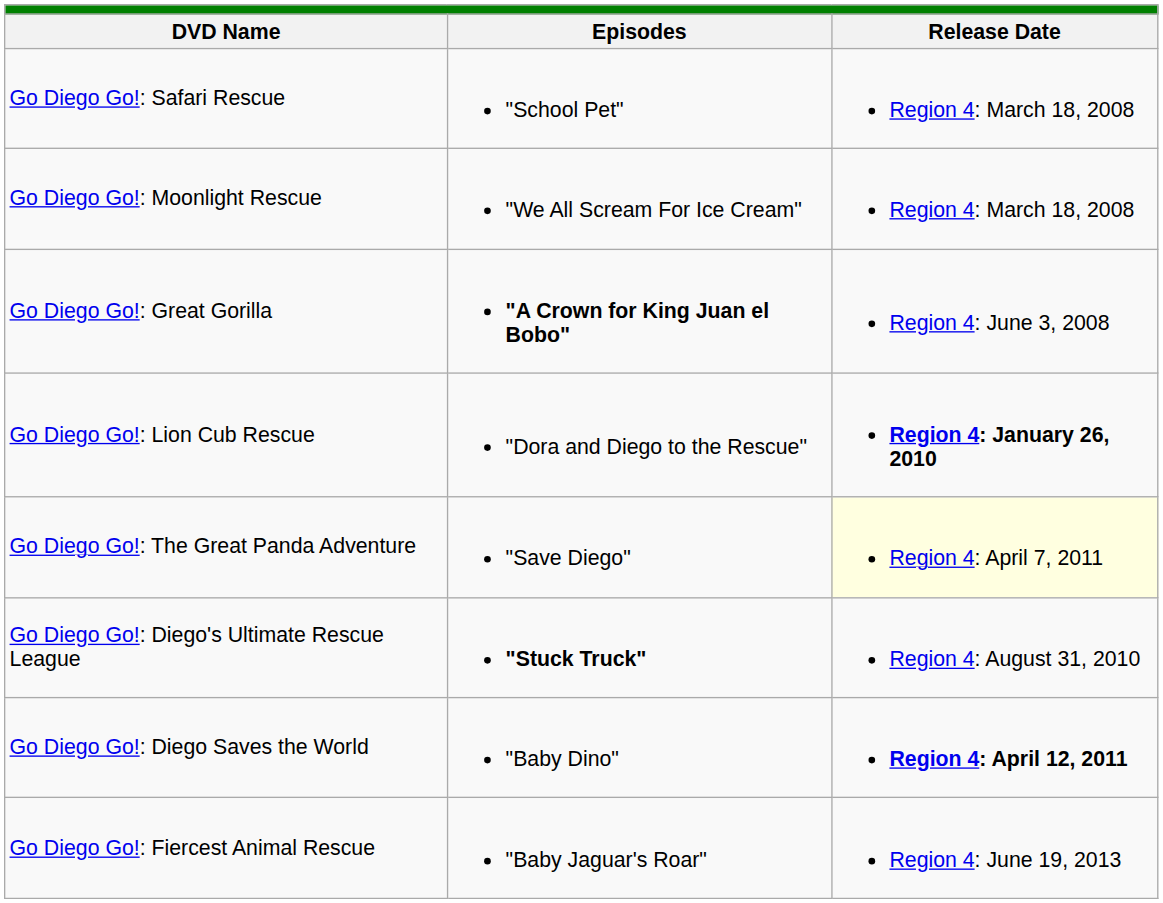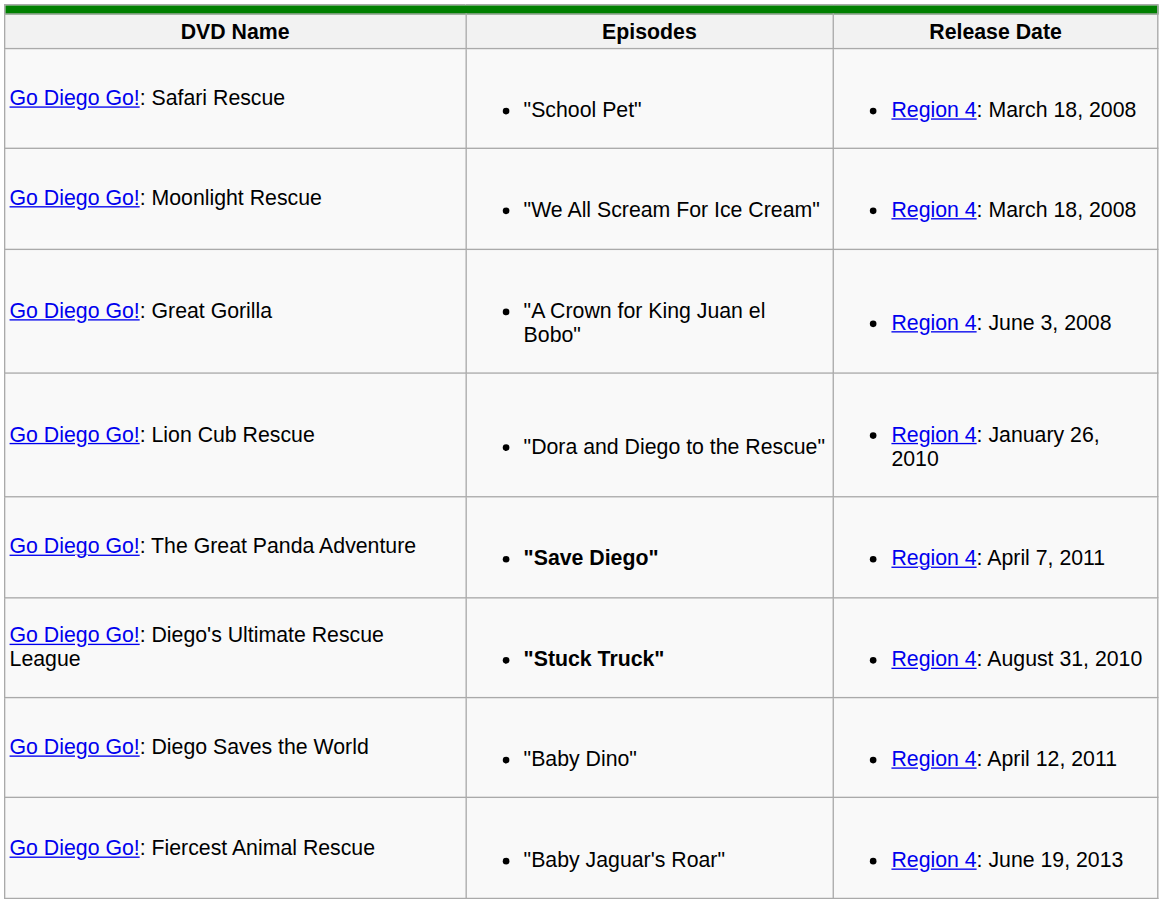 <table class="wikitable">
 <tr>
 <td colspan="4"  style="background:green; color:yellow; font-size:100%; text-align:center;"></td>
 </tr>
 <tr>
 <th>DVD Name</th>
 <th>Episodes</th>
 <th>Release Date</th>
 </tr>
 <tr>
 <td><a href='#'>Go Diego Go!</a>: Safari Rescue</td>
 <td><br><ul><li>"School Pet"</li></ul></td>
 <td><br><ul><li><a href='#'>Region 4</a>: March 18, 2008</li></ul></td>
 </tr>
 <tr>
 <td><a href='#'>Go Diego Go!</a>: Moonlight Rescue</td>
 <td><br><ul><li>"We All Scream For Ice Cream"</li></ul></td>
 <td><br><ul><li><a href='#'>Region 4</a>: March 18, 2008</li></ul></td>
 </tr>
 <tr>
 <td><a href='#'>Go Diego Go!</a>: Great Gorilla</td>
-<td><strong><br><ul><li>"A Crown for King Juan el Bobo"</li></ul></strong></td>
+<td><br><ul><li>"A Crown for King Juan el Bobo"</li></ul></td>
 <td><br><ul><li><a href='#'>Region 4</a>: June 3, 2008</li></ul></td>
 </tr>
 <tr>
 <td><a href='#'>Go Diego Go!</a>: Lion Cub Rescue</td>
 <td><br><ul><li>"Dora and Diego to the Rescue"</li></ul></td>
-<td><strong><br><ul><li><a href='#'>Region 4</a>: January 26, 2010</li></ul></strong></td>
+<td><br><ul><li><a href='#'>Region 4</a>: January 26, 2010</li></ul></td>
 </tr>
 <tr>
 <td><a href='#'>Go Diego Go!</a>: The Great Panda Adventure</td>
-<td><br><ul><li>"Save Diego"</li></ul></td>
-<td style="background: lightyellow;"><br><ul><li><a href='#'>Region 4</a>: April 7, 2011</li></ul></td>
+<td><strong><br><ul><li>"Save Diego"</li></ul></strong></td>
+<td><br><ul><li><a href='#'>Region 4</a>: April 7, 2011</li></ul></td>
 </tr>
 <tr>
 <td><a href='#'>Go Diego Go!</a>: Diego's Ultimate Rescue League</td>
 <td><strong><br><ul><li>"Stuck Truck"</li></ul></strong></td>
 <td><br><ul><li><a href='#'>Region 4</a>: August 31, 2010</li></ul></td>
 </tr>
 <tr>
 <td><a href='#'>Go Diego Go!</a>: Diego Saves the World</td>
 <td><br><ul><li>"Baby Dino"</li></ul></td>
-<td><strong><br><ul><li><a href='#'>Region 4</a>: April 12, 2011</li></ul></strong></td>
+<td><br><ul><li><a href='#'>Region 4</a>: April 12, 2011</li></ul></td>
 </tr>
 <tr>
 <td><a href='#'>Go Diego Go!</a>: Fiercest Animal Rescue</td>
 <td><br><ul><li>"Baby Jaguar's Roar"</li></ul></td>
 <td><br><ul><li><a href='#'>Region 4</a>: June 19, 2013</li></ul></td>
 </tr>
 </table>
